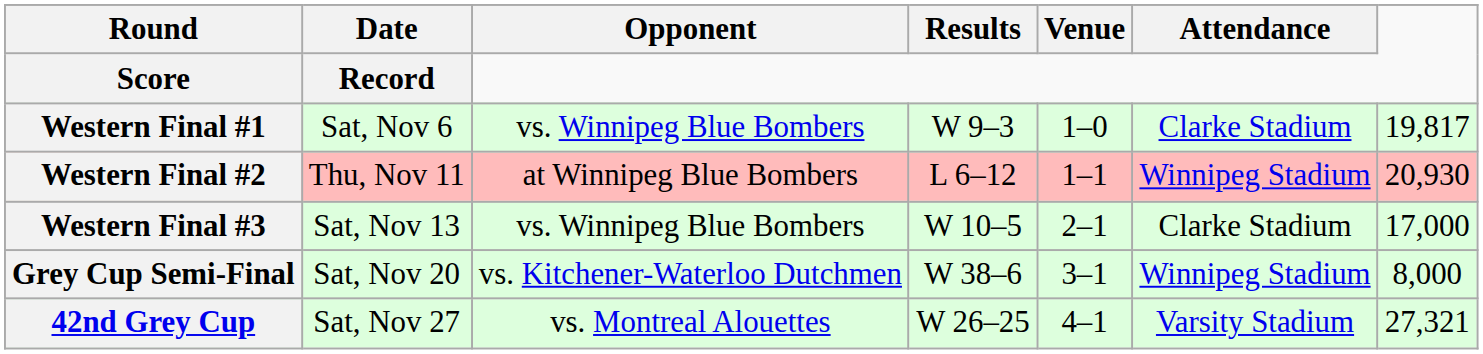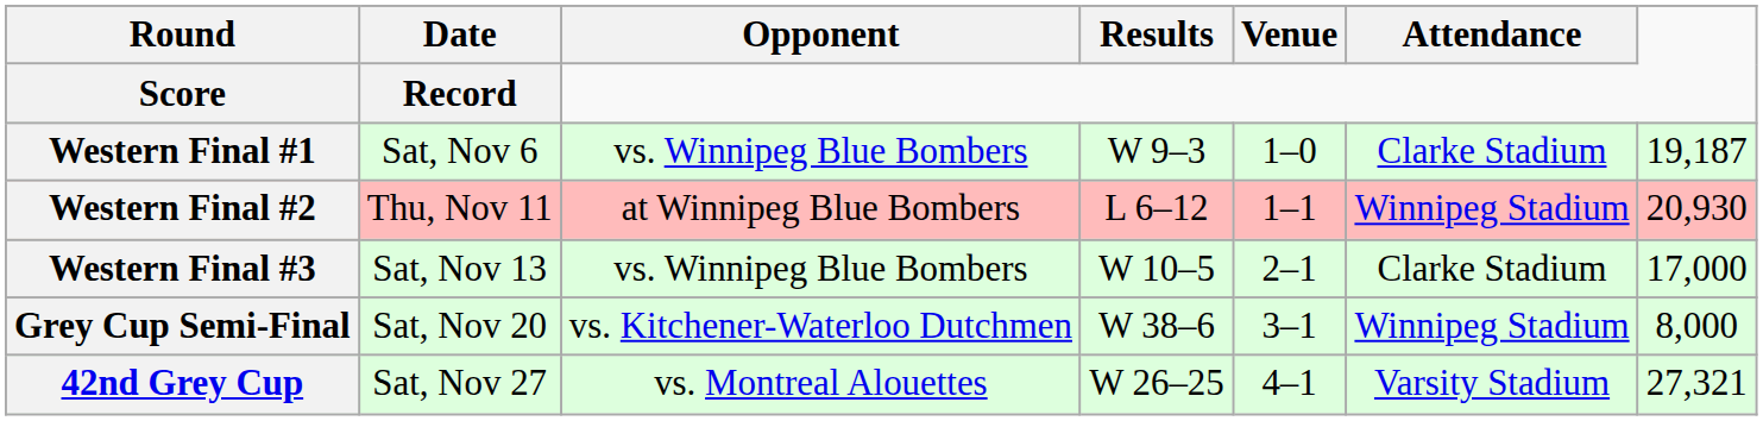 <table class="wikitable" style="text-align:center">
 <tr>
 <th>Round</th>
 <th>Date</th>
 <th>Opponent</th>
 <th>Results</th>
 <th>Venue</th>
 <th>Attendance</th>
 </tr>
 <tr>
 <th>Score</th>
 <th>Record</th>
 </tr>
 <tr style="background:#ddffdd">
 <th>Western Final #1</th>
 <td>Sat, Nov 6</td>
 <td>vs. <a href='#'>Winnipeg Blue Bombers</a></td>
 <td>W 9–3</td>
 <td>1–0</td>
 <td><a href='#'>Clarke Stadium</a></td>
-<td>19,817</td>
+<td>19,187</td>
 </tr>
 <tr style="background:#ffbbbb">
 <th>Western Final #2</th>
 <td>Thu, Nov 11</td>
 <td>at Winnipeg Blue Bombers</td>
 <td>L 6–12</td>
 <td>1–1</td>
 <td><a href='#'>Winnipeg Stadium</a></td>
 <td>20,930</td>
 </tr>
 <tr style="background:#ddffdd">
 <th>Western Final #3</th>
 <td>Sat, Nov 13</td>
 <td>vs. Winnipeg Blue Bombers</td>
 <td>W 10–5</td>
 <td>2–1</td>
 <td>Clarke Stadium</td>
 <td>17,000</td>
 </tr>
 <tr style="background:#ddffdd">
 <th>Grey Cup Semi-Final</th>
 <td>Sat, Nov 20</td>
 <td>vs. <a href='#'>Kitchener-Waterloo Dutchmen</a></td>
 <td>W 38–6</td>
 <td>3–1</td>
 <td><a href='#'>Winnipeg Stadium</a></td>
 <td>8,000</td>
 </tr>
 <tr style="background:#ddffdd">
 <th><a href='#'>42nd Grey Cup</a></th>
 <td>Sat, Nov 27</td>
 <td>vs. <a href='#'>Montreal Alouettes</a></td>
 <td>W 26–25</td>
 <td>4–1</td>
 <td><a href='#'>Varsity Stadium</a></td>
 <td>27,321</td>
 </tr>
 </table>
